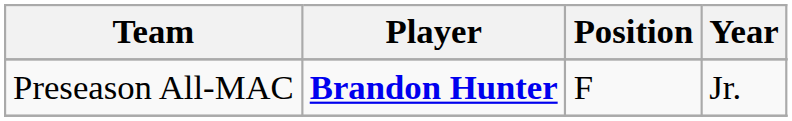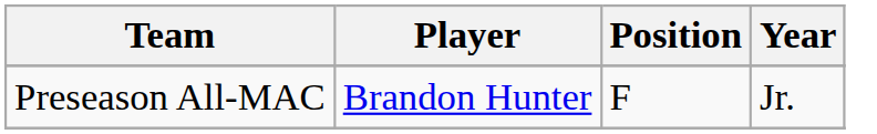 <table class="wikitable" border="1">
 <tr align=center>
 <th style= >Team</th>
 <th style= >Player</th>
 <th style= >Position</th>
 <th style= >Year</th>
 </tr>
 <tr align="center">
 </tr>
 <tr>
 <td>Preseason All-MAC</td>
-<td><strong><a href='#'>Brandon Hunter</a></strong></td>
+<td><a href='#'>Brandon Hunter</a></td>
 <td>F</td>
 <td>Jr.</td>
 </tr>
 <tr>
 </tr>
 <tr>
 </tr>
 </table>
